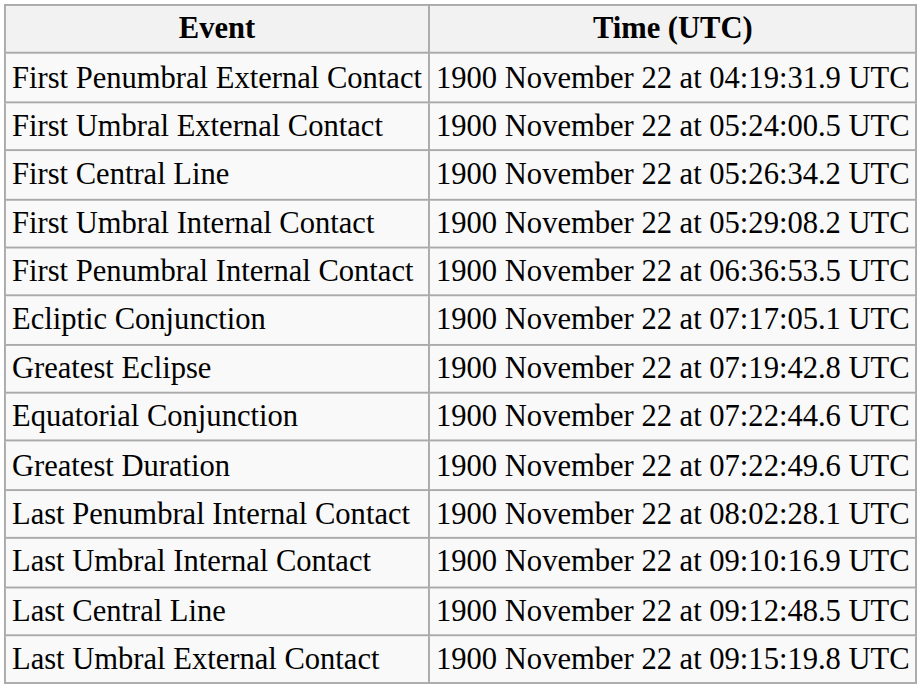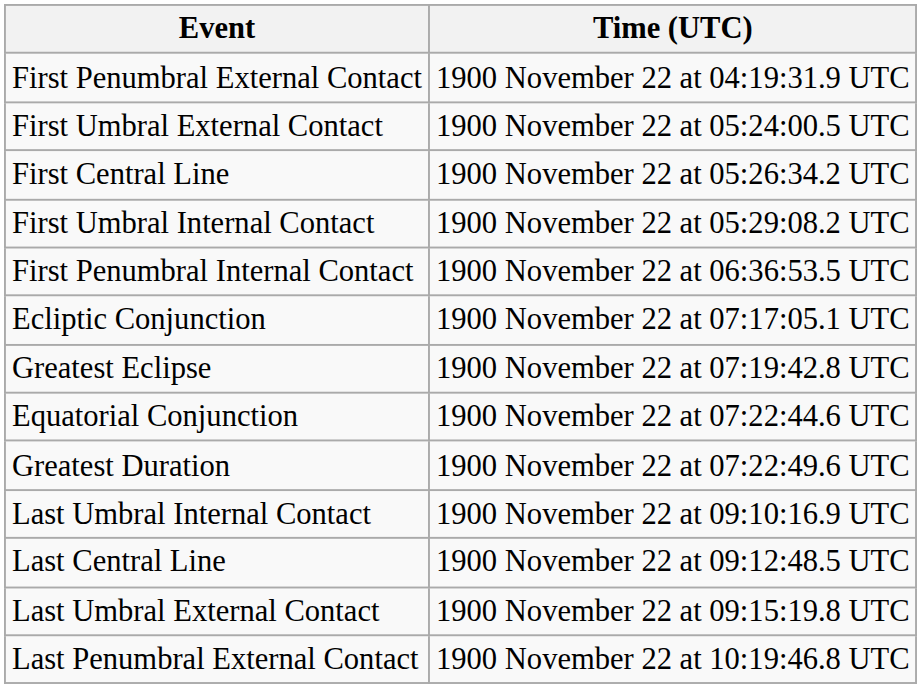 <table class="wikitable">
 <tr>
 <th>Event</th>
 <th>Time (UTC)</th>
 </tr>
 <tr>
 <td>First Penumbral External Contact</td>
 <td>1900 November 22 at 04:19:31.9 UTC</td>
 </tr>
 <tr>
 <td>First Umbral External Contact</td>
 <td>1900 November 22 at 05:24:00.5 UTC</td>
 </tr>
 <tr>
 <td>First Central Line</td>
 <td>1900 November 22 at 05:26:34.2 UTC</td>
 </tr>
 <tr>
 <td>First Umbral Internal Contact</td>
 <td>1900 November 22 at 05:29:08.2 UTC</td>
 </tr>
 <tr>
 <td>First Penumbral Internal Contact</td>
 <td>1900 November 22 at 06:36:53.5 UTC</td>
 </tr>
 <tr>
 <td>Ecliptic Conjunction</td>
 <td>1900 November 22 at 07:17:05.1 UTC</td>
 </tr>
 <tr>
 <td>Greatest Eclipse</td>
 <td>1900 November 22 at 07:19:42.8 UTC</td>
 </tr>
 <tr>
 <td>Equatorial Conjunction</td>
 <td>1900 November 22 at 07:22:44.6 UTC</td>
 </tr>
 <tr>
 <td>Greatest Duration</td>
 <td>1900 November 22 at 07:22:49.6 UTC</td>
 </tr>
 <tr>
-<td>Last Penumbral Internal Contact</td>
-<td>1900 November 22 at 08:02:28.1 UTC</td>
-</tr>
-<tr>
 <td>Last Umbral Internal Contact</td>
 <td>1900 November 22 at 09:10:16.9 UTC</td>
 </tr>
 <tr>
 <td>Last Central Line</td>
 <td>1900 November 22 at 09:12:48.5 UTC</td>
 </tr>
 <tr>
 <td>Last Umbral External Contact</td>
 <td>1900 November 22 at 09:15:19.8 UTC</td>
 </tr>
+<tr>
+<td>Last Penumbral External Contact</td>
+<td>1900 November 22 at 10:19:46.8 UTC</td>
+</tr>
 </table>
